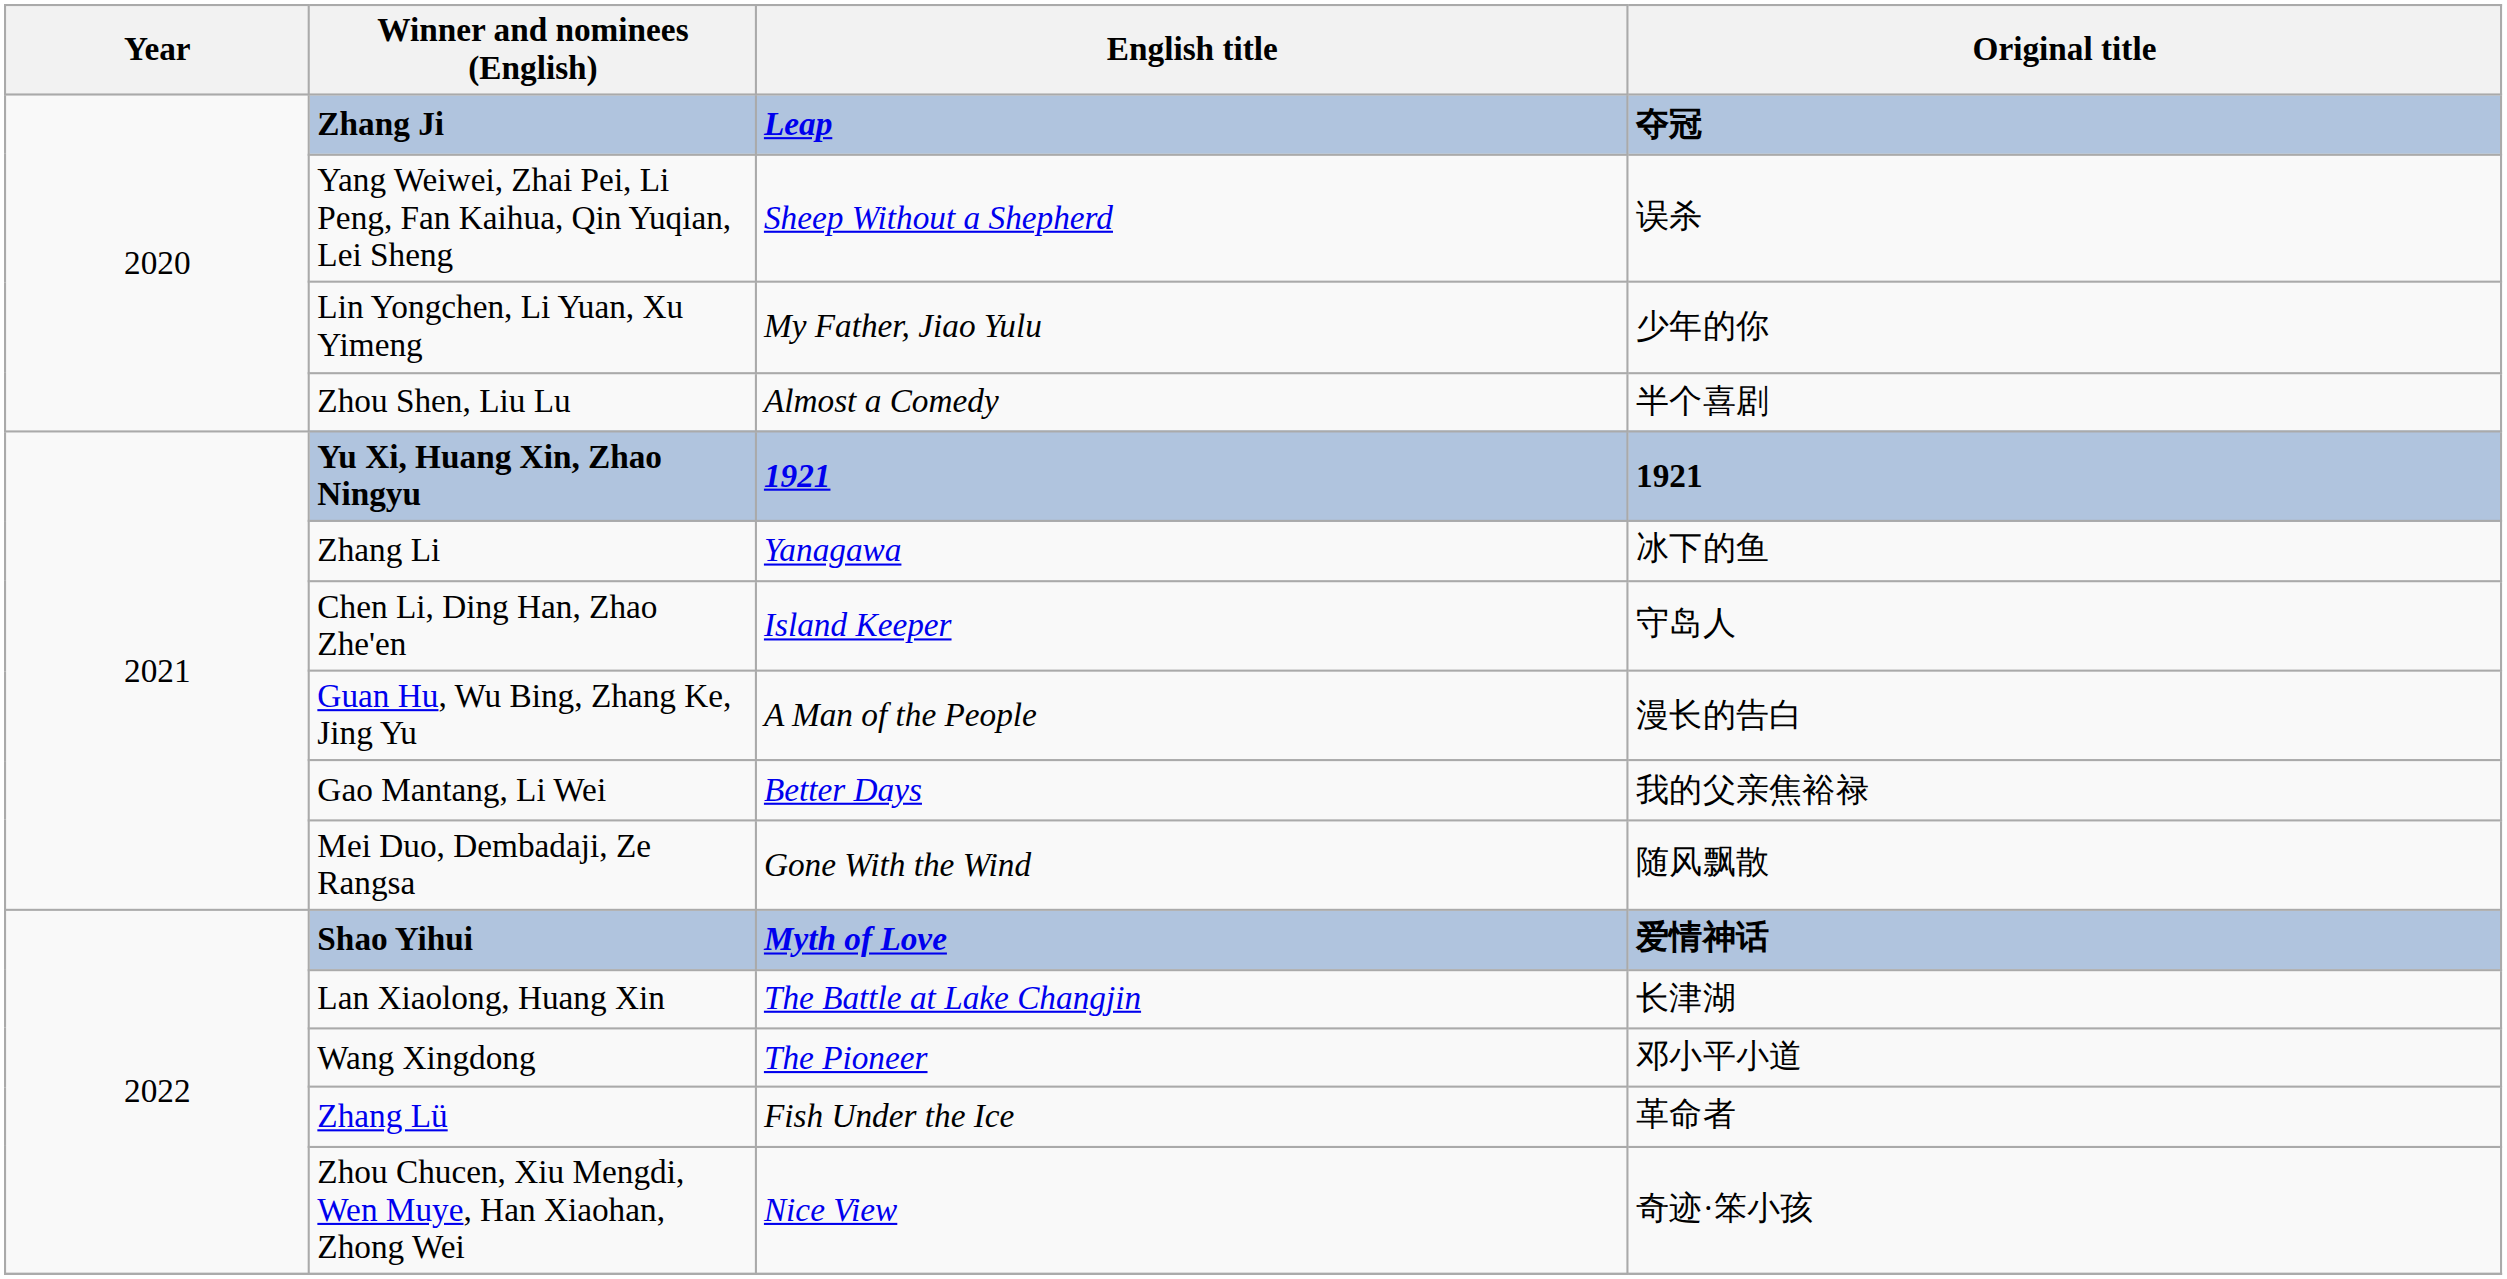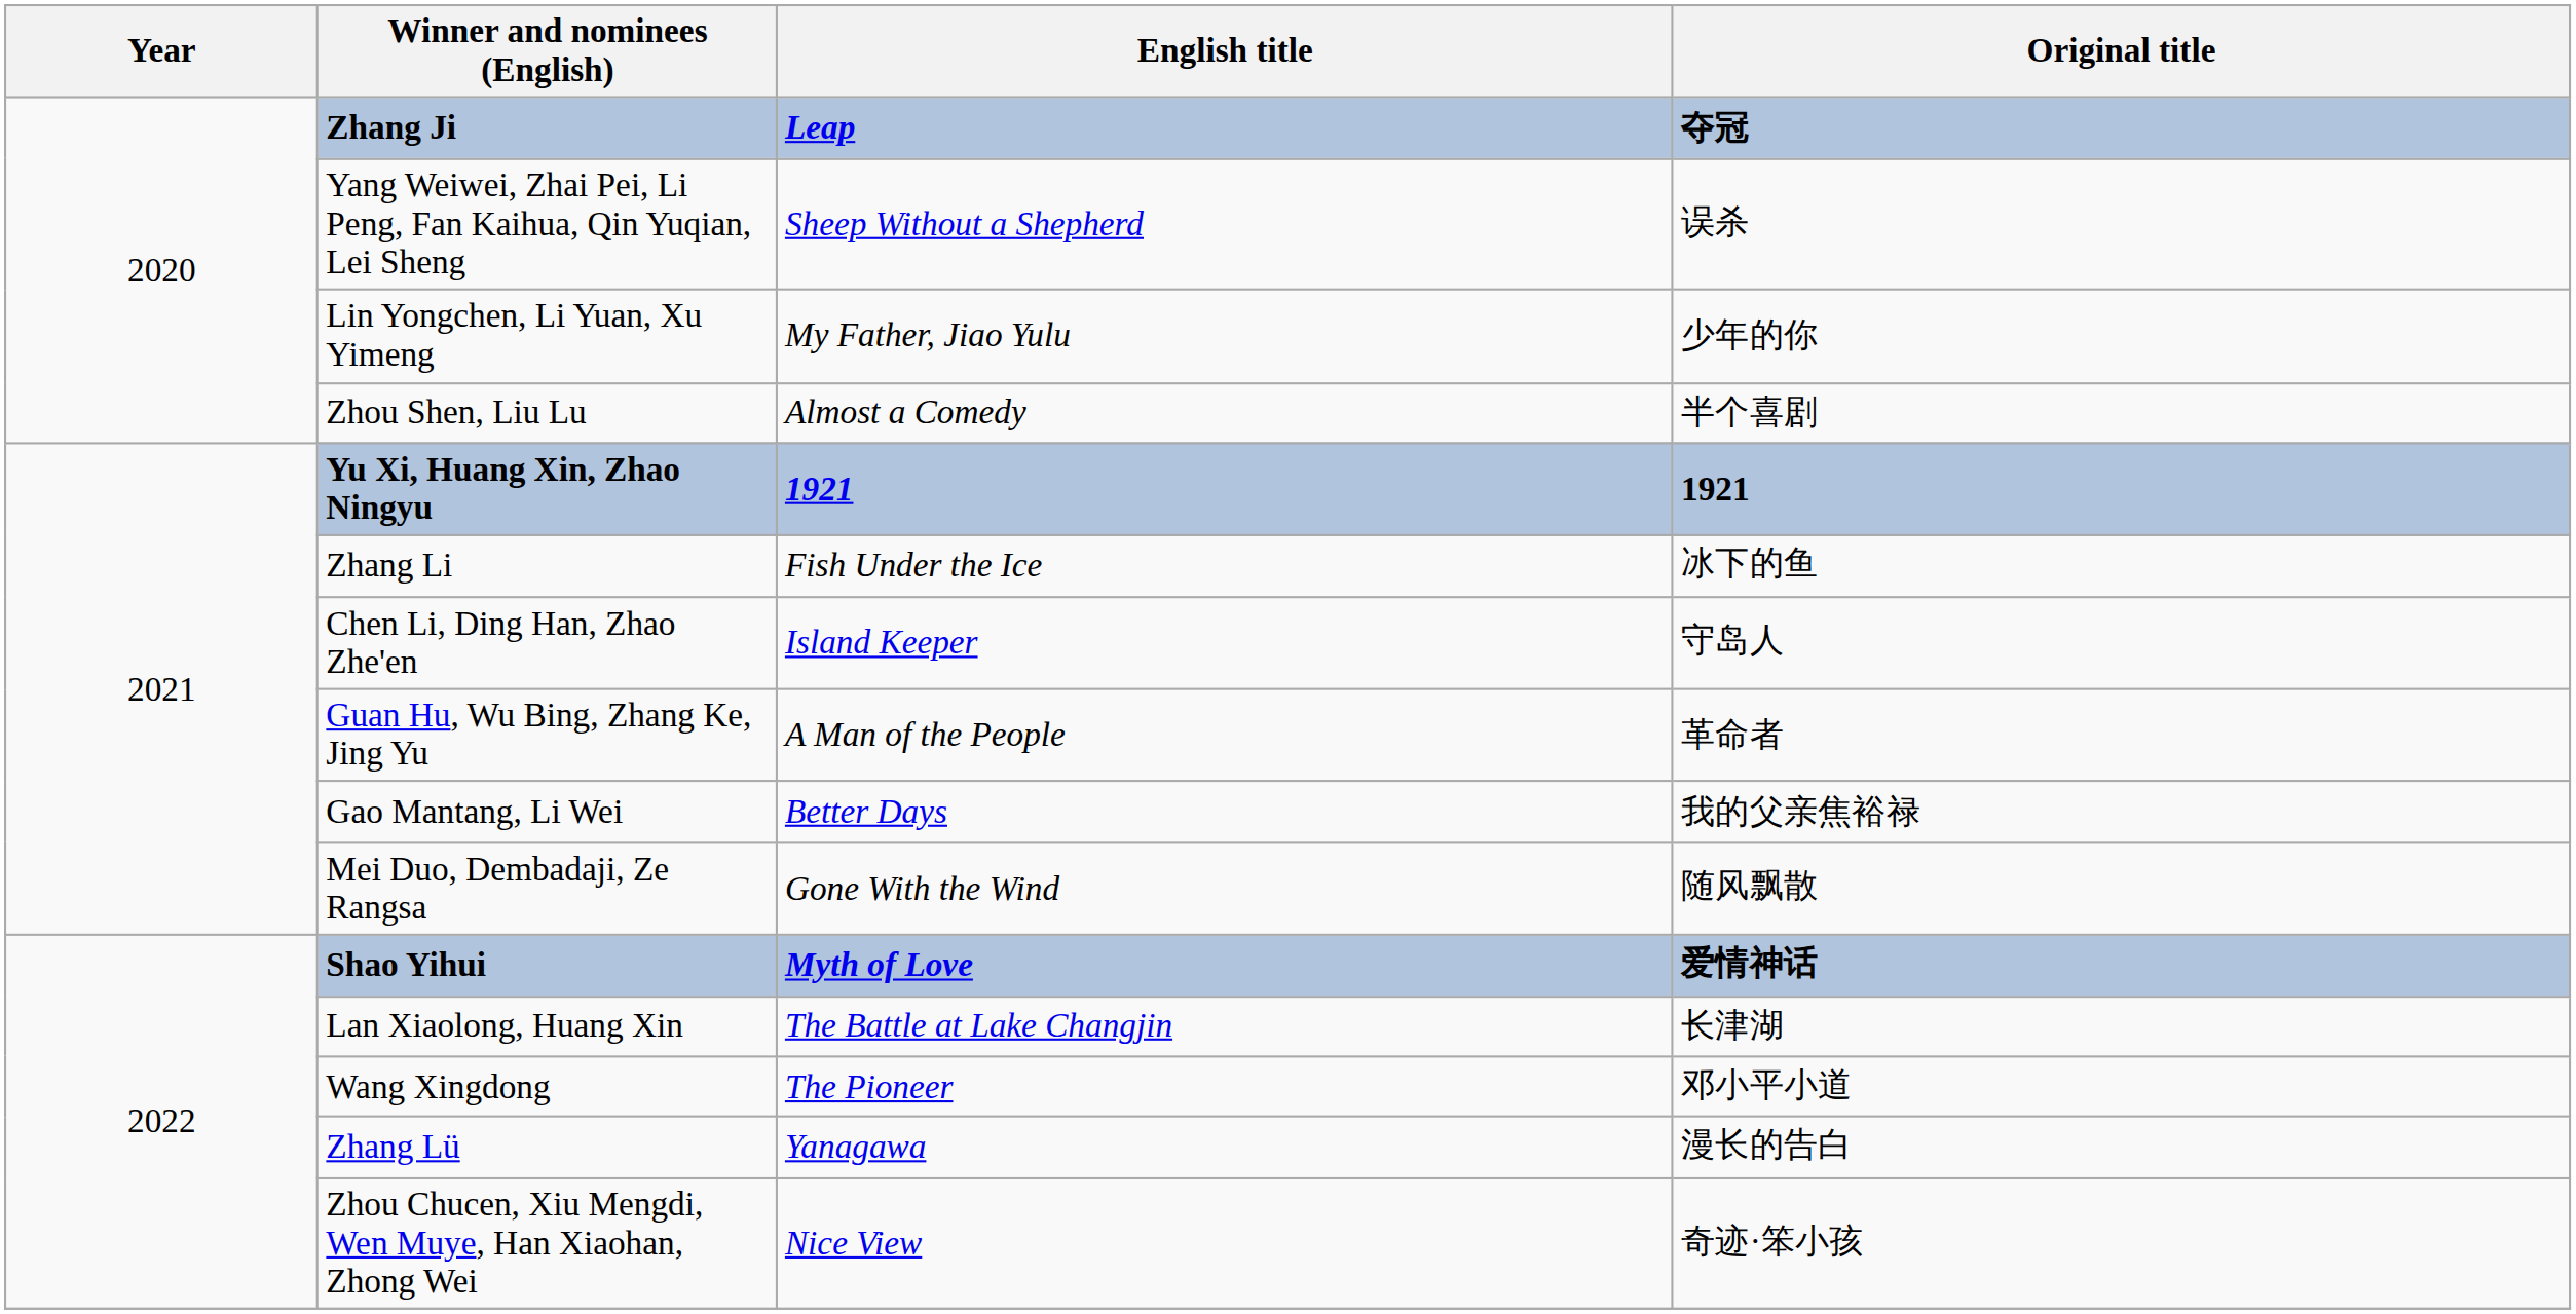 <table class="wikitable" width="95%" cellpadding="5">
 <tr>
 <th width="100"><strong>Year</strong></th>
 <th width="150"><strong>Winner and nominees<br>(English)</strong></th>
 <th width="300"><strong>English title</strong></th>
 <th width="300"><strong>Original title</strong></th>
 </tr>
 <tr>
 <td rowspan="4" style="text-align:center;">2020</td>
 <td style="background:#B0C4DE;"><strong>Zhang Ji</strong></td>
 <td style="background:#B0C4DE;"><strong><em><a href='#'>Leap</a></em></strong></td>
 <td style="background:#B0C4DE;"><strong>夺冠</strong></td>
 </tr>
 <tr>
 <td>Yang Weiwei, Zhai Pei, Li Peng, Fan Kaihua, Qin Yuqian, Lei Sheng</td>
 <td><em><a href='#'>Sheep Without a Shepherd</a></em></td>
 <td>误杀</td>
 </tr>
 <tr>
 <td>Lin Yongchen, Li Yuan, Xu Yimeng</td>
 <td><em>My Father, Jiao Yulu</em></td>
 <td>少年的你</td>
 </tr>
 <tr>
 <td>Zhou Shen, Liu Lu</td>
 <td><em>Almost a Comedy</em></td>
 <td>半个喜剧</td>
 </tr>
 <tr>
 <td rowspan="6" style="text-align:center;">2021 <br></td>
 <td style="background:#B0C4DE;"><strong>Yu Xi, Huang Xin, Zhao Ningyu</strong></td>
 <td style="background:#B0C4DE;"><strong><em><a href='#'>1921</a></em></strong></td>
 <td style="background:#B0C4DE;"><strong>1921</strong></td>
 </tr>
 <tr>
 <td>Zhang Li</td>
-<td><em><a href='#'>Yanagawa</a></em></td>
+<td><em>Fish Under the Ice</em></td>
 <td>冰下的鱼</td>
 </tr>
 <tr>
 <td>Chen Li, Ding Han, Zhao Zhe'en</td>
 <td><em><a href='#'>Island Keeper</a></em></td>
 <td>守岛人</td>
 </tr>
 <tr>
 <td><a href='#'>Guan Hu</a>, Wu Bing, Zhang Ke, Jing Yu</td>
 <td><em>A Man of the People</em></td>
-<td>漫长的告白</td>
+<td>革命者</td>
 </tr>
 <tr>
 <td>Gao Mantang, Li Wei</td>
 <td><em><a href='#'>Better Days</a></em></td>
 <td>我的父亲焦裕禄</td>
 </tr>
 <tr>
 <td>Mei Duo, Dembadaji, Ze Rangsa</td>
 <td><em>Gone With the Wind</em></td>
 <td>随风飘散</td>
 </tr>
 <tr>
 <td rowspan="5" style="text-align:center;">2022</td>
 <td style="background:#B0C4DE;"><strong>Shao Yihui</strong></td>
 <td style="background:#B0C4DE;"><strong><em><a href='#'>Myth of Love</a></em></strong></td>
 <td style="background:#B0C4DE;"><strong>爱情神话</strong></td>
 </tr>
 <tr>
 <td>Lan Xiaolong, Huang Xin</td>
 <td><em><a href='#'>The Battle at Lake Changjin</a></em></td>
 <td>长津湖</td>
 </tr>
 <tr>
 <td>Wang Xingdong</td>
 <td><em><a href='#'>The Pioneer</a></em></td>
 <td>邓小平小道</td>
 </tr>
 <tr>
 <td><a href='#'>Zhang Lü</a></td>
-<td><em>Fish Under the Ice</em></td>
-<td>革命者</td>
+<td><em><a href='#'>Yanagawa</a></em></td>
+<td>漫长的告白</td>
 </tr>
 <tr>
 <td>Zhou Chucen, Xiu Mengdi, <a href='#'>Wen Muye</a>, Han Xiaohan, Zhong Wei</td>
 <td><em><a href='#'>Nice View</a></em></td>
 <td>奇迹·笨小孩</td>
 </tr>
 <tr>
 </tr>
 </table>
